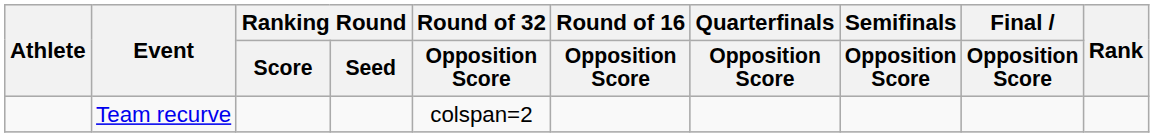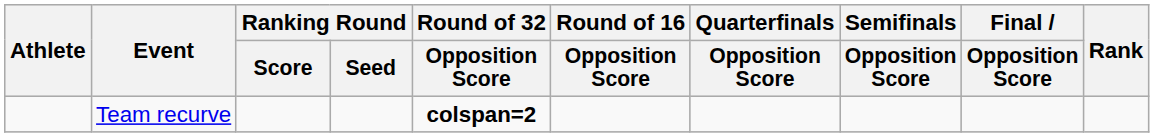 <table class="wikitable" style="font-size:90%">
 <tr>
 <th rowspan="2">Athlete</th>
 <th rowspan="2">Event</th>
 <th colspan="2">Ranking Round</th>
 <th>Round of 32</th>
 <th>Round of 16</th>
 <th>Quarterfinals</th>
 <th>Semifinals</th>
 <th>Final / </th>
 <th rowspan="2">Rank</th>
 </tr>
 <tr style="font-size:95%">
 <th>Score</th>
 <th>Seed</th>
 <th>Opposition<br>Score</th>
 <th>Opposition<br>Score</th>
 <th>Opposition<br>Score</th>
 <th>Opposition<br>Score</th>
 <th>Opposition<br>Score</th>
 </tr>
 <tr align=center>
 <td align=left></td>
 <td align=left><a href='#'>Team recurve</a></td>
 <td></td>
 <td></td>
-<td>colspan=2 </td>
+<td><strong>colspan=2 </strong></td>
 <td></td>
 <td></td>
 <td></td>
 <td></td>
 </tr>
 </table>
